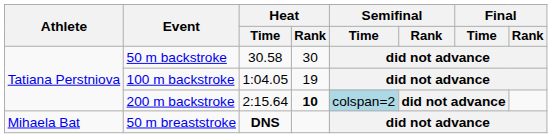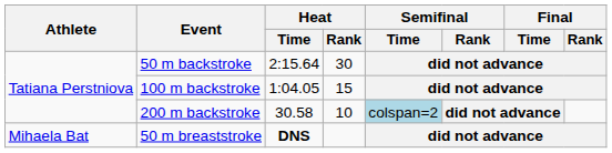 <table class=wikitable style="font-size:90%">
 <tr>
 <th rowspan=2>Athlete</th>
 <th rowspan=2>Event</th>
 <th colspan="2">Heat</th>
 <th colspan="2">Semifinal</th>
 <th colspan="2">Final</th>
 </tr>
 <tr style="font-size:95%">
 <th>Time</th>
 <th>Rank</th>
 <th>Time</th>
 <th>Rank</th>
 <th>Time</th>
 <th>Rank</th>
 </tr>
 <tr align=center>
 <td align=left rowspan=3><a href='#'>Tatiana Perstniova</a></td>
 <td align=left><a href='#'>50 m backstroke</a></td>
-<td>30.58</td>
+<td>2:15.64</td>
 <td>30</td>
 <th colspan=4>did not advance</th>
 </tr>
 <tr align=center>
 <td align=left><a href='#'>100 m backstroke</a></td>
 <td>1:04.05</td>
-<td>19</td>
+<td>15</td>
 <th colspan=4>did not advance</th>
 </tr>
 <tr align=center>
 <td align=left><a href='#'>200 m backstroke</a></td>
-<td>2:15.64</td>
-<td><strong>10</strong></td>
+<td>30.58</td>
+<td>10</td>
 <td style="background: lightblue;">colspan=2 </td>
 <th colspan=2>did not advance</th>
 </tr>
 <tr align=center>
 <td align=left><a href='#'>Mihaela Bat</a></td>
 <td align=left><a href='#'>50 m breaststroke</a></td>
 <td><strong>DNS</strong></td>
 <td></td>
 <th colspan=4>did not advance</th>
 </tr>
 </table>
